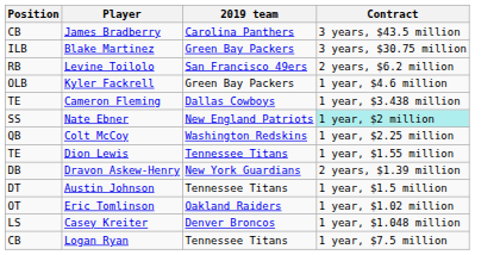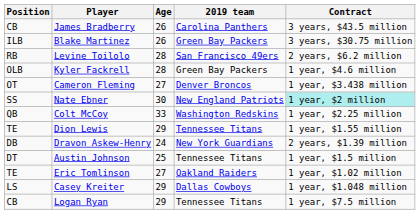 <table class="wikitable">
 <tr>
 <th>Position</th>
 <th>Player</th>
+<th>Age</th>
 <th>2019 team</th>
 <th>Contract</th>
 </tr>
 <tr>
 <td>CB</td>
 <td><a href='#'>James Bradberry</a></td>
+<td>26</td>
 <td><a href='#'>Carolina Panthers</a></td>
 <td>3 years, $43.5 million</td>
 </tr>
 <tr>
 <td>ILB</td>
 <td><a href='#'>Blake Martinez</a></td>
+<td>26</td>
 <td><a href='#'>Green Bay Packers</a></td>
 <td>3 years, $30.75 million</td>
 </tr>
 <tr>
 <td>RB</td>
 <td><a href='#'>Levine Toilolo</a></td>
+<td>28</td>
 <td><a href='#'>San Francisco 49ers</a></td>
 <td>2 years, $6.2 million</td>
 </tr>
 <tr>
 <td>OLB</td>
 <td><a href='#'>Kyler Fackrell</a></td>
+<td>28</td>
 <td>Green Bay Packers</td>
 <td>1 year, $4.6 million</td>
 </tr>
 <tr>
-<td>TE</td>
+<td>OT</td>
 <td><a href='#'>Cameron Fleming</a></td>
-<td><a href='#'>Dallas Cowboys</a></td>
+<td>27</td>
+<td><a href='#'>Denver Broncos</a></td>
 <td>1 year, $3.438 million</td>
 </tr>
 <tr>
 <td>SS</td>
 <td><a href='#'>Nate Ebner</a></td>
+<td>30</td>
 <td><a href='#'>New England Patriots</a></td>
 <td style="background: paleturquoise;">1 year, $2 million</td>
 </tr>
 <tr>
 <td>QB</td>
 <td><a href='#'>Colt McCoy</a></td>
+<td>33</td>
 <td><a href='#'>Washington Redskins</a></td>
 <td>1 year, $2.25 million</td>
 </tr>
 <tr>
 <td>TE</td>
 <td><a href='#'>Dion Lewis</a></td>
+<td>29</td>
 <td><a href='#'>Tennessee Titans</a></td>
 <td>1 year, $1.55 million</td>
 </tr>
 <tr>
 <td>DB</td>
 <td><a href='#'>Dravon Askew-Henry</a></td>
+<td>24</td>
 <td><a href='#'>New York Guardians</a></td>
 <td>2 years, $1.39 million</td>
 </tr>
 <tr>
 <td>DT</td>
 <td><a href='#'>Austin Johnson</a></td>
+<td>25</td>
 <td>Tennessee Titans</td>
 <td>1 year, $1.5 million</td>
 </tr>
 <tr>
-<td>OT</td>
+<td>TE</td>
 <td><a href='#'>Eric Tomlinson</a></td>
+<td>27</td>
 <td><a href='#'>Oakland Raiders</a></td>
 <td>1 year, $1.02 million</td>
 </tr>
 <tr>
 <td>LS</td>
 <td><a href='#'>Casey Kreiter</a></td>
-<td><a href='#'>Denver Broncos</a></td>
+<td>29</td>
+<td><a href='#'>Dallas Cowboys</a></td>
 <td>1 year, $1.048 million</td>
 </tr>
 <tr>
 <td>CB</td>
 <td><a href='#'>Logan Ryan</a></td>
+<td>29</td>
 <td>Tennessee Titans</td>
 <td>1 year, $7.5 million</td>
 </tr>
 </table>
